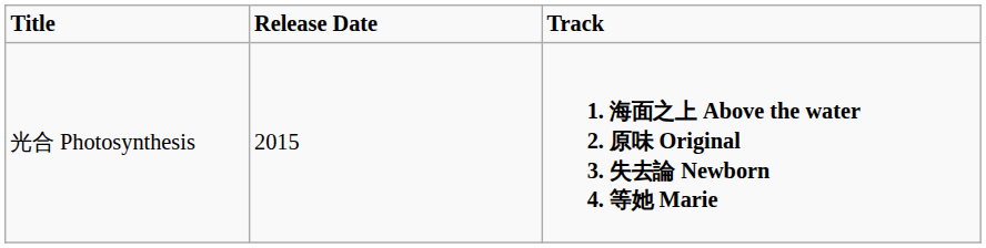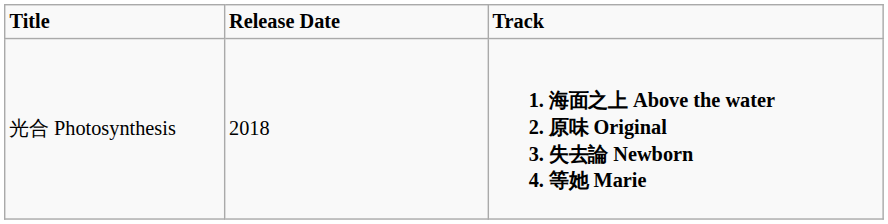 <table class="wikitable" width="100%" style="font-size:90%">
 <tr>
 <td style="width:25%"><strong>Title</strong></td>
 <td style="width:30%"><strong>Release Date</strong></td>
 <td style="width:100%"><strong>Track</strong></td>
 </tr>
 <tr>
 <td>光合 Photosynthesis</td>
-<td>2015</td>
+<td>2018</td>
 <td><strong><br><ol><li>海面之上 Above the water</li><li>原味 Original</li><li>失去論 Newborn</li><li>等她 Marie</li></ol></strong></td>
 </tr>
 </table>
